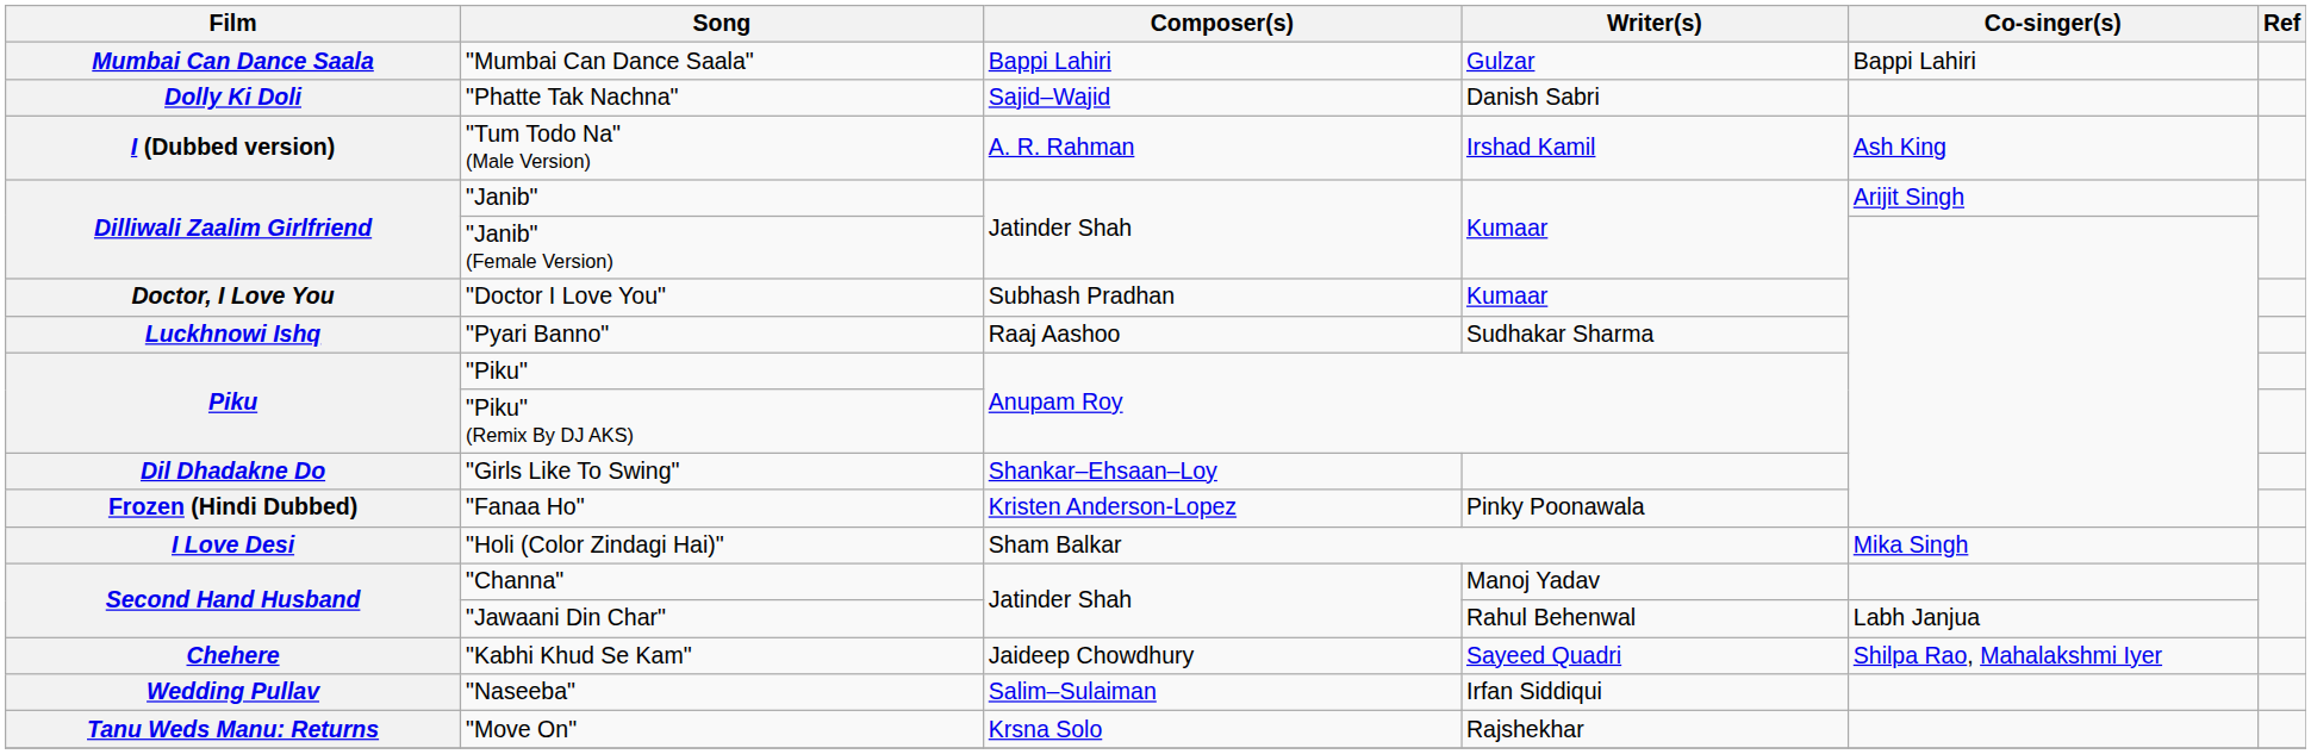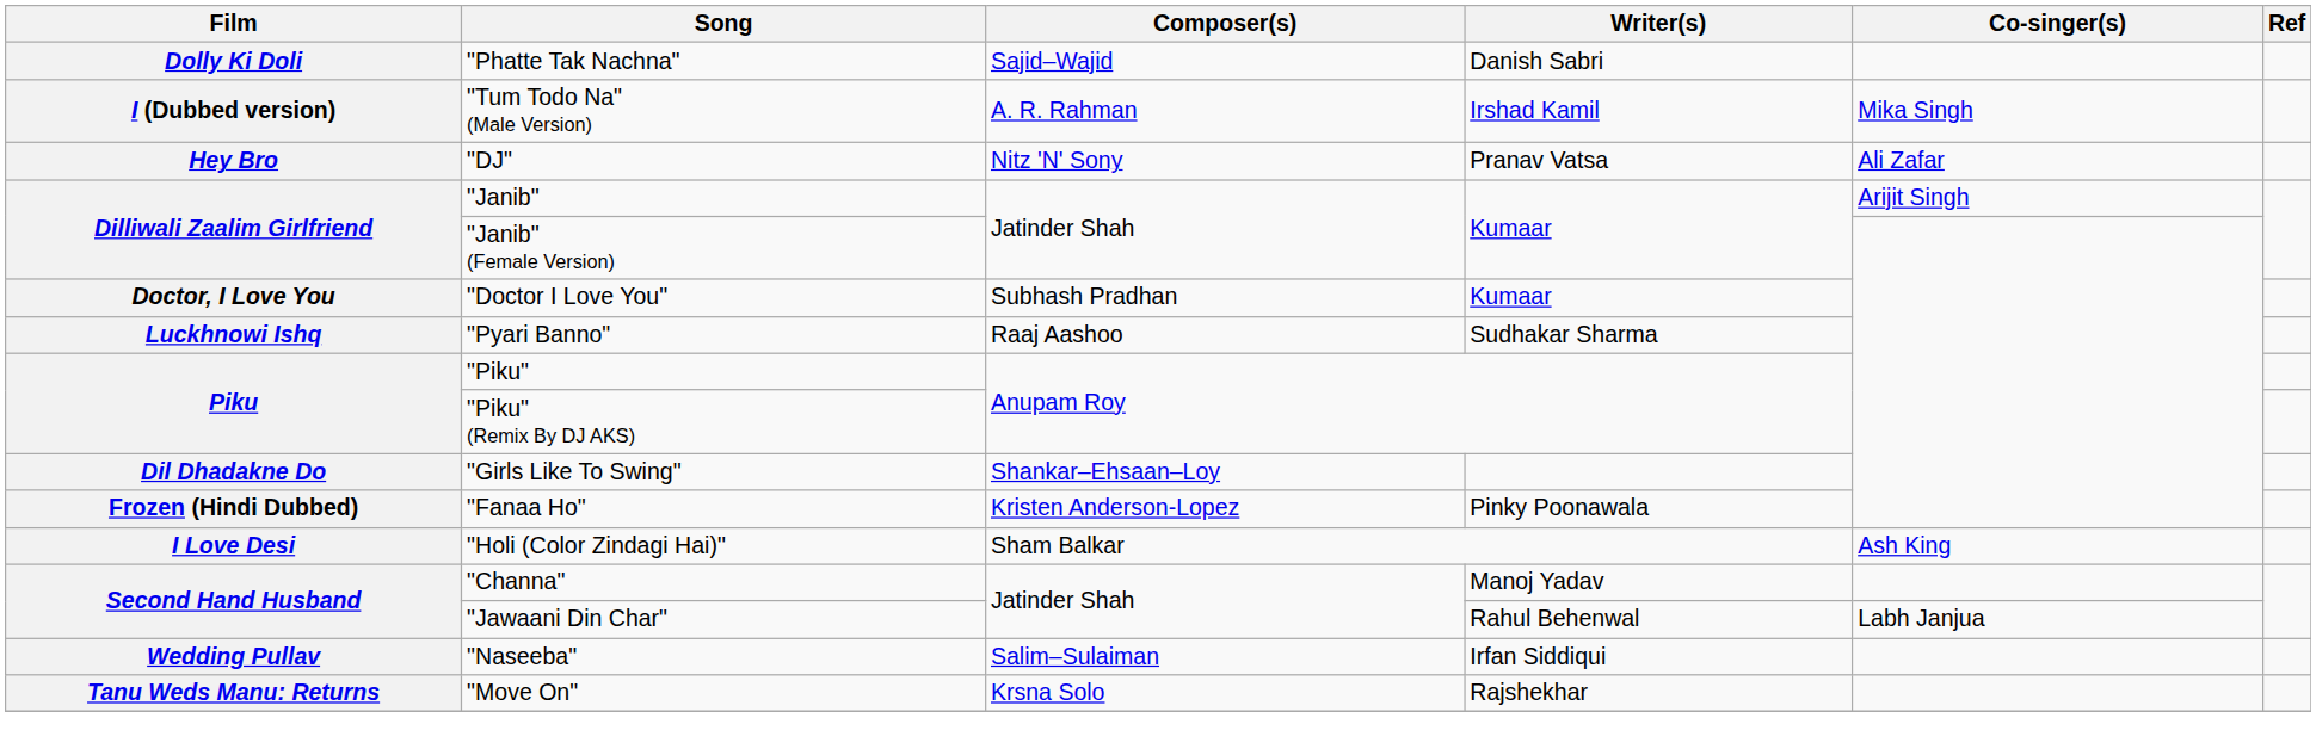 <table class="wikitable plainrowheaders" width="100%">
 <tr>
 <th width=20%>Film</th>
 <th width=23%>Song</th>
 <th width=21%>Composer(s)</th>
 <th width=17%>Writer(s)</th>
 <th width=18%>Co-singer(s)</th>
 <th width=1%>Ref</th>
-</tr>
-<tr>
-<th scope="row"><em><a href='#'>Mumbai Can Dance Saala</a></em></th>
-<td>"Mumbai Can Dance Saala"</td>
-<td><a href='#'>Bappi Lahiri</a></td>
-<td><a href='#'>Gulzar</a></td>
-<td>Bappi Lahiri</td>
-<td></td>
 </tr>
 <tr>
 <th scope="row"><em><a href='#'>Dolly Ki Doli</a></em></th>
 <td>"Phatte Tak Nachna"</td>
 <td><a href='#'>Sajid–Wajid</a></td>
 <td>Danish Sabri</td>
 <td></td>
 <td></td>
 </tr>
 <tr>
 <th scope="row"><em><a href='#'>I</a></em> (Dubbed version)</th>
 <td>"Tum Todo Na"<br><small>(Male Version)</small></td>
 <td><a href='#'>A. R. Rahman</a></td>
 <td><a href='#'>Irshad Kamil</a></td>
-<td><a href='#'>Ash King</a></td>
+<td><a href='#'>Mika Singh</a></td>
+<td></td>
+</tr>
+<tr>
+<th scope="row"><em><a href='#'>Hey Bro</a></em></th>
+<td>"DJ"</td>
+<td><a href='#'>Nitz 'N' Sony</a></td>
+<td>Pranav Vatsa</td>
+<td><a href='#'>Ali Zafar</a></td>
 <td></td>
 </tr>
 <tr>
 <th scope="row" rowspan="2"><em><a href='#'>Dilliwali Zaalim Girlfriend</a></em></th>
 <td>"Janib"</td>
 <td rowspan="2">Jatinder Shah</td>
 <td rowspan="2"><a href='#'>Kumaar</a></td>
 <td><a href='#'>Arijit Singh</a></td>
 <td rowspan="2"></td>
 </tr>
 <tr>
 <td>"Janib"<br><small>(Female Version)</small></td>
 <td rowspan="7"></td>
 </tr>
 <tr>
 <th scope="row"><em>Doctor, I Love You</em></th>
 <td>"Doctor I Love You"</td>
 <td>Subhash Pradhan</td>
 <td><a href='#'>Kumaar</a></td>
 <td></td>
 </tr>
 <tr>
 <th scope="row"><em><a href='#'>Luckhnowi Ishq</a></em></th>
 <td>"Pyari Banno"</td>
 <td>Raaj Aashoo</td>
 <td>Sudhakar Sharma</td>
 <td></td>
 </tr>
 <tr>
 <th scope="row" rowspan="2"><em><a href='#'>Piku</a></em></th>
 <td>"Piku"</td>
 <td rowspan="2" colspan="2"><a href='#'>Anupam Roy</a></td>
 <td></td>
 </tr>
 <tr>
 <td>"Piku"<br><small>(Remix By DJ AKS)</small></td>
 <td></td>
 </tr>
 <tr>
 <th scope="row"><em><a href='#'>Dil Dhadakne Do</a></em></th>
 <td>"Girls Like To Swing"</td>
 <td><a href='#'>Shankar–Ehsaan–Loy</a></td>
 <td></td>
 <td></td>
 </tr>
 <tr>
 <th scope="row"><a href='#'>Frozen</a> (Hindi Dubbed)</th>
 <td>"Fanaa Ho"</td>
 <td><a href='#'>Kristen Anderson-Lopez</a></td>
 <td>Pinky Poonawala</td>
 <td></td>
 </tr>
 <tr>
 <th scope="row"><em><a href='#'>I Love Desi</a></em></th>
 <td>"Holi (Color Zindagi Hai)"</td>
 <td colspan="2">Sham Balkar</td>
-<td><a href='#'>Mika Singh</a></td>
+<td><a href='#'>Ash King</a></td>
 <td></td>
 </tr>
 <tr>
 <th scope="row" rowspan="2"><em><a href='#'>Second Hand Husband</a></em></th>
 <td>"Channa"</td>
 <td rowspan="2">Jatinder Shah</td>
 <td>Manoj Yadav</td>
 <td></td>
 <td rowspan="2"></td>
 </tr>
 <tr>
 <td>"Jawaani Din Char"</td>
 <td>Rahul Behenwal</td>
 <td>Labh Janjua</td>
-</tr>
-<tr>
-<th scope="row"><em><a href='#'>Chehere</a></em></th>
-<td>"Kabhi Khud Se Kam"</td>
-<td>Jaideep Chowdhury</td>
-<td><a href='#'>Sayeed Quadri</a></td>
-<td><a href='#'>Shilpa Rao</a>, <a href='#'>Mahalakshmi Iyer</a></td>
-<td></td>
 </tr>
 <tr>
 <th scope="row"><em><a href='#'>Wedding Pullav</a></em></th>
 <td>"Naseeba"</td>
 <td><a href='#'>Salim–Sulaiman</a></td>
 <td>Irfan Siddiqui</td>
 <td></td>
 <td></td>
 </tr>
 <tr>
 <th scope="row"><em><a href='#'>Tanu Weds Manu: Returns</a></em></th>
 <td>"Move On"</td>
 <td><a href='#'>Krsna Solo</a></td>
 <td>Rajshekhar</td>
 <td></td>
 <td></td>
 </tr>
 <tr>
 </tr>
 </table>
